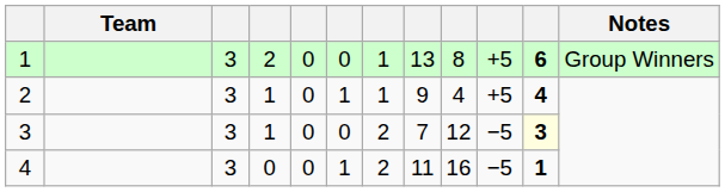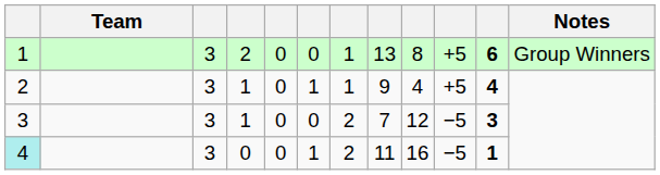 <table class="wikitable" style="text-align: center; font-size: 97%;">
 <tr>
 <th width="20"></th>
 <th width="110">Team</th>
 <th width="18"></th>
 <th width="22"></th>
 <th width="18"></th>
 <th width="18"></th>
 <th width="22"></th>
 <th width="18"></th>
 <th width="18"></th>
 <th width="25"></th>
 <th width="18"></th>
 <th width="105">Notes</th>
 </tr>
 <tr style="background-color: #ccffcc;">
 <td>1</td>
 <td align=left></td>
 <td>3</td>
 <td>2</td>
 <td>0</td>
 <td>0</td>
 <td>1</td>
 <td>13</td>
 <td>8</td>
 <td>+5</td>
 <td><strong>6</strong></td>
 <td>Group Winners</td>
 </tr>
 <tr>
 <td>2</td>
 <td align=left></td>
 <td>3</td>
 <td>1</td>
 <td>0</td>
 <td>1</td>
 <td>1</td>
 <td>9</td>
 <td>4</td>
 <td>+5</td>
 <td><strong>4</strong></td>
 <td rowspan="3"></td>
 </tr>
 <tr>
 <td>3</td>
 <td align=left></td>
 <td>3</td>
 <td>1</td>
 <td>0</td>
 <td>0</td>
 <td>2</td>
 <td>7</td>
 <td>12</td>
 <td>−5</td>
-<td style="background: lightyellow;"><strong>3</strong></td>
+<td><strong>3</strong></td>
 </tr>
 <tr>
-<td>4</td>
+<td style="background: paleturquoise;">4</td>
 <td align=left></td>
 <td>3</td>
 <td>0</td>
 <td>0</td>
 <td>1</td>
 <td>2</td>
 <td>11</td>
 <td>16</td>
 <td>−5</td>
 <td><strong>1</strong></td>
 </tr>
 </table>
